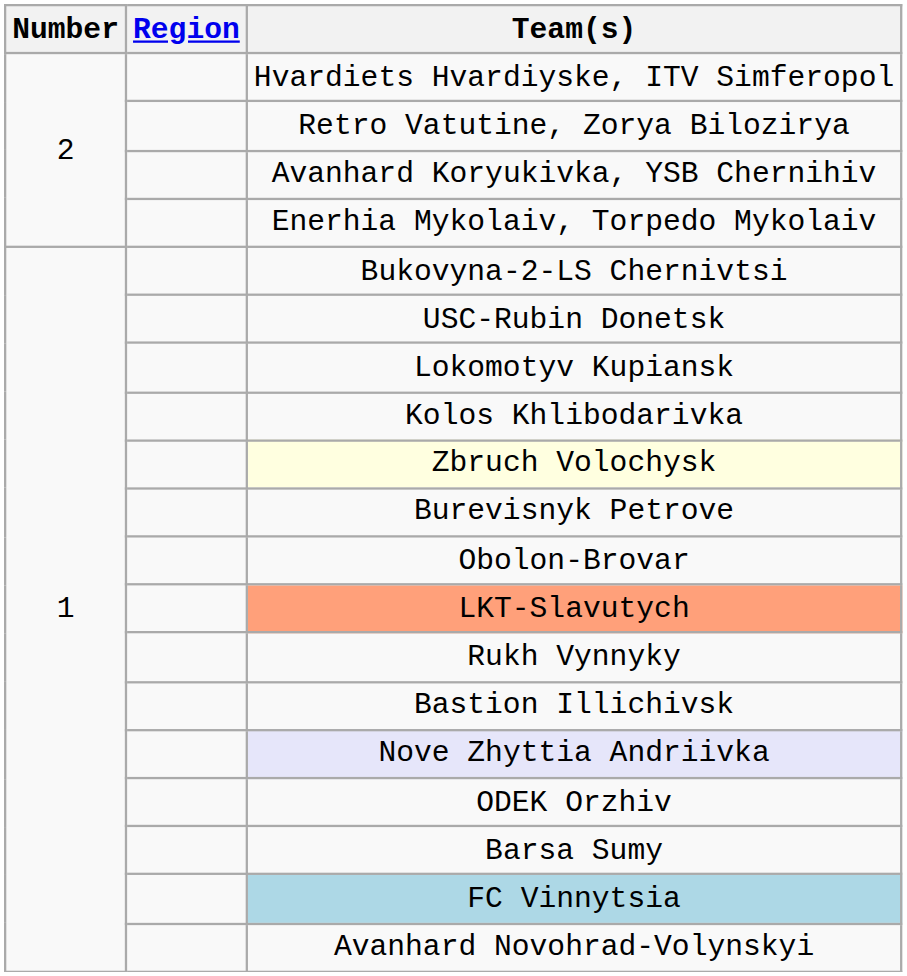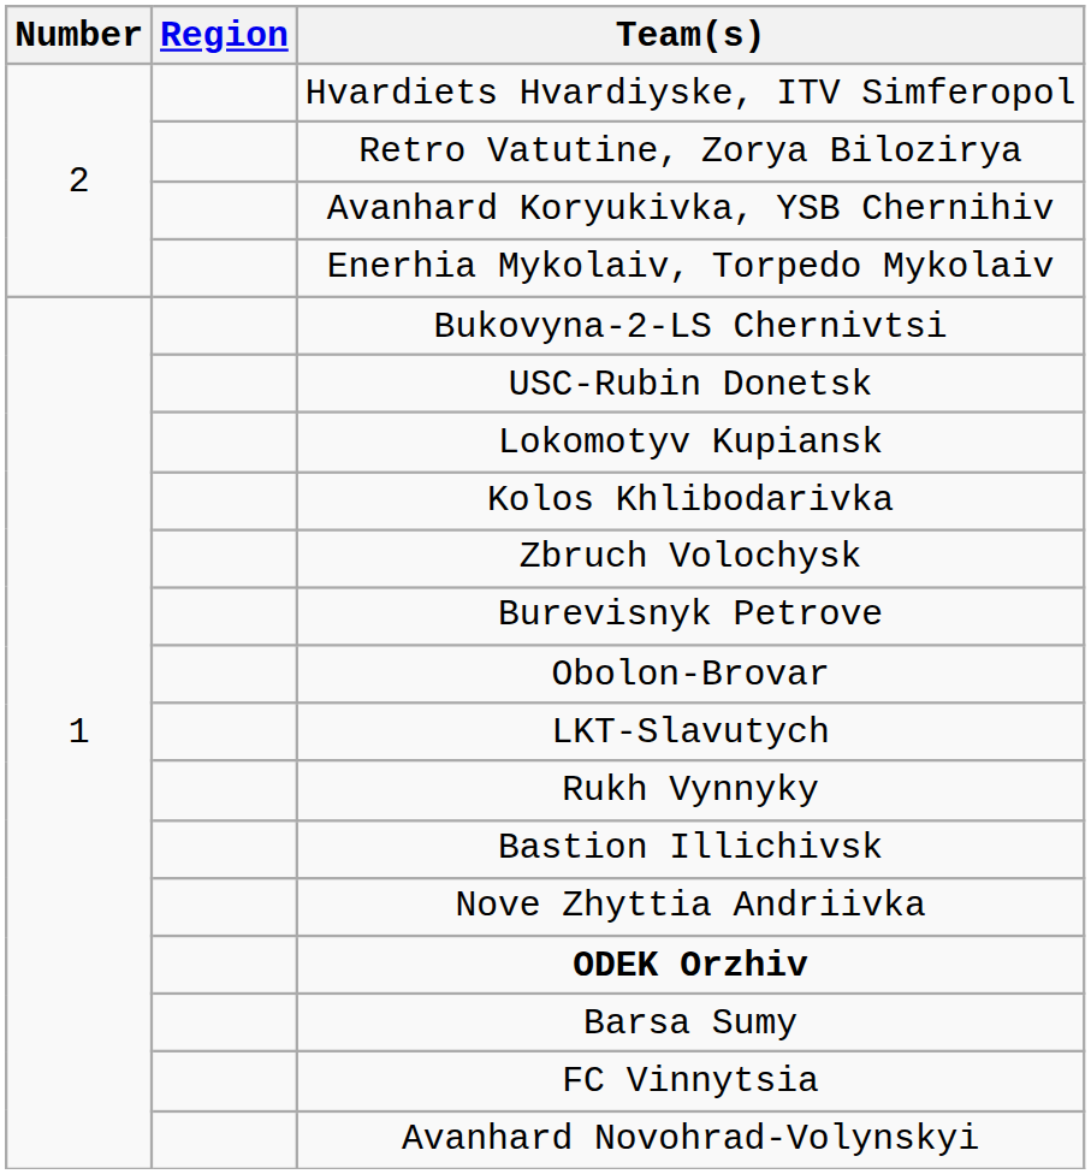 <table class="wikitable" style="text-align:center">
 <tr>
 <th>Number</th>
 <th><a href='#'>Region</a></th>
 <th>Team(s)</th>
 </tr>
 <tr>
 <td rowspan="4">2</td>
 <td align="left"></td>
 <td>Hvardiets Hvardiyske, ITV Simferopol</td>
 </tr>
 <tr>
 <td align="left"></td>
 <td>Retro Vatutine, Zorya Bilozirya</td>
 </tr>
 <tr>
 <td align="left"></td>
 <td>Avanhard Koryukivka, YSB Chernihiv</td>
 </tr>
 <tr>
 <td align="left"></td>
 <td>Enerhia Mykolaiv, Torpedo Mykolaiv</td>
 </tr>
 <tr>
 <td rowspan="16">1</td>
 <td align="left"></td>
 <td>Bukovyna-2-LS Chernivtsi</td>
 </tr>
 <tr>
 <td align="left"></td>
 <td>USC-Rubin Donetsk</td>
 </tr>
 <tr>
 <td align="left"></td>
 <td>Lokomotyv Kupiansk</td>
 </tr>
 <tr>
 <td align="left"></td>
 <td>Kolos Khlibodarivka</td>
 </tr>
 <tr>
 <td align="left"></td>
-<td style="background: lightyellow;">Zbruch Volochysk</td>
+<td>Zbruch Volochysk</td>
 </tr>
 <tr>
 <td align="left"></td>
 <td>Burevisnyk Petrove</td>
 </tr>
 <tr>
 <td align="left"></td>
 <td>Obolon-Brovar</td>
 </tr>
 <tr>
 <td align="left"></td>
-<td style="background: lightsalmon;">LKT-Slavutych</td>
+<td>LKT-Slavutych</td>
 </tr>
 <tr>
 <td align="left"></td>
 <td>Rukh Vynnyky</td>
 </tr>
 <tr>
 <td align="left"></td>
 <td>Bastion Illichivsk</td>
 </tr>
 <tr>
 <td align="left"></td>
-<td style="background: lavender;">Nove Zhyttia Andriivka</td>
+<td>Nove Zhyttia Andriivka</td>
 </tr>
 <tr>
 <td align="left"></td>
-<td>ODEK Orzhiv</td>
+<td><strong>ODEK Orzhiv</strong></td>
 </tr>
 <tr>
 <td align="left"></td>
 <td>Barsa Sumy</td>
 </tr>
 <tr>
 <td align="left"></td>
-<td style="background: lightblue;">FC Vinnytsia</td>
+<td>FC Vinnytsia</td>
 </tr>
 <tr>
 <td align="left"></td>
 <td>Avanhard Novohrad-Volynskyi</td>
 </tr>
 </table>
